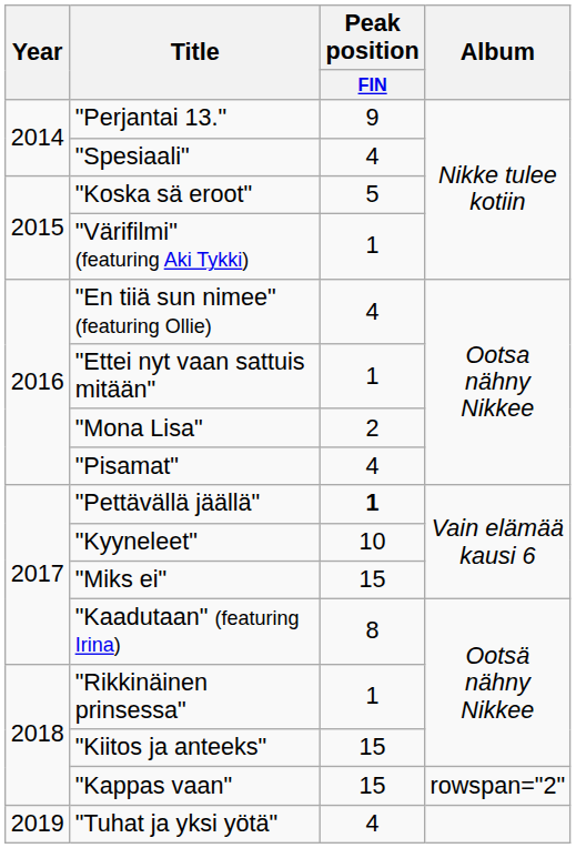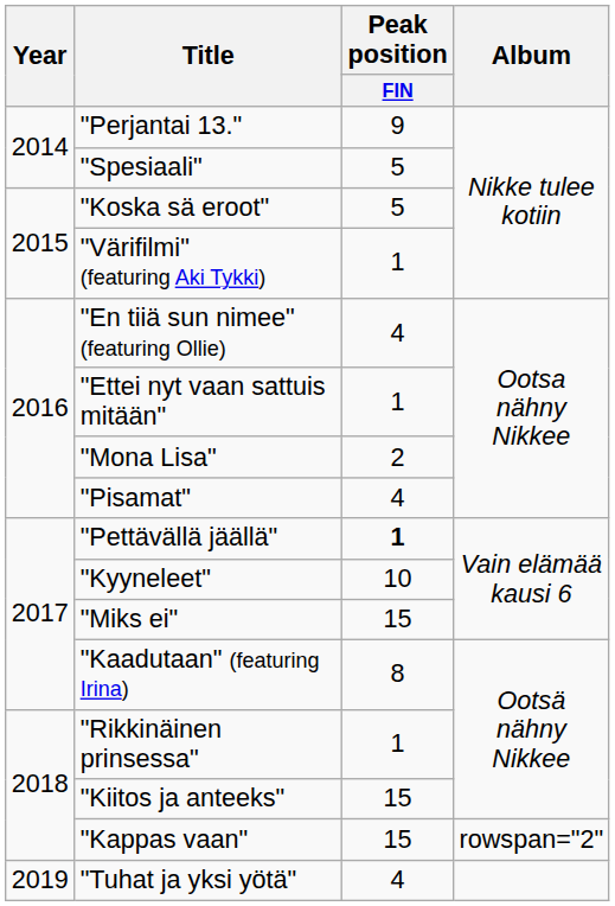 <table class="wikitable">
 <tr>
 <th align="center" rowspan="2" width="10">Year</th>
 <th align="center" rowspan="2" width="160">Title</th>
 <th align="center" colspan="1" width="20">Peak position</th>
 <th align="center" rowspan="2" width="70">Album</th>
 </tr>
 <tr>
 <th scope="col" style="width:3em;font-size:75%;"><a href='#'>FIN</a><br></th>
 </tr>
 <tr>
 <td style="text-align:center;" rowspan="2">2014</td>
 <td>"Perjantai 13."</td>
 <td style="text-align:center;">9</td>
 <td style="text-align:center;" rowspan="4"><em>Nikke tulee kotiin</em></td>
 </tr>
 <tr>
 <td>"Spesiaali"</td>
-<td style="text-align:center;">4</td>
+<td style="text-align:center;">5</td>
 </tr>
 <tr>
 <td style="text-align:center;" rowspan="2">2015</td>
 <td>"Koska sä eroot"</td>
 <td style="text-align:center;">5</td>
 </tr>
 <tr>
 <td>"Värifilmi"<br> <small>(featuring <a href='#'>Aki Tykki</a>)</small></td>
 <td style="text-align:center;">1</td>
 </tr>
 <tr>
 <td style="text-align:center;" rowspan="4">2016</td>
 <td>"En tiiä sun nimee" <br><small>(featuring Ollie)</small></td>
 <td style="text-align:center;">4</td>
 <td style="text-align:center;" rowspan="4"><em>Ootsa nähny Nikkee</em></td>
 </tr>
 <tr>
 <td>"Ettei nyt vaan sattuis mitään"</td>
 <td style="text-align:center;">1</td>
 </tr>
 <tr>
 <td>"Mona Lisa"</td>
 <td style="text-align:center;">2</td>
 </tr>
 <tr>
 <td>"Pisamat"</td>
 <td style="text-align:center;">4</td>
 </tr>
 <tr>
 <td style="text-align:center;" rowspan="4">2017</td>
 <td>"Pettävällä jäällä"</td>
 <td style="text-align:center;"><strong>1</strong></td>
 <td style="text-align:center;" rowspan="3"><em>Vain elämää kausi 6</em></td>
 </tr>
 <tr>
 <td>"Kyyneleet"</td>
 <td style="text-align:center;">10</td>
 </tr>
 <tr>
 <td>"Miks ei"</td>
 <td style="text-align:center;">15</td>
 </tr>
 <tr>
 <td>"Kaadutaan" <small>(featuring <a href='#'>Irina</a>)</small></td>
 <td style="text-align:center;">8</td>
 <td style="text-align:center;" rowspan="3"><em>Ootsä nähny Nikkee</em></td>
 </tr>
 <tr>
 <td style="text-align:center;" rowspan="3">2018</td>
 <td>"Rikkinäinen prinsessa"</td>
 <td style="text-align:center;">1</td>
 </tr>
 <tr>
 <td>"Kiitos ja anteeks"</td>
 <td style="text-align:center;">15</td>
 </tr>
 <tr>
 <td>"Kappas vaan"</td>
 <td style="text-align:center;">15</td>
 <td>rowspan="2" </td>
 </tr>
 <tr>
 <td style="text-align:center;">2019</td>
 <td>"Tuhat ja yksi yötä"</td>
 <td style="text-align:center;">4</td>
 </tr>
 </table>
